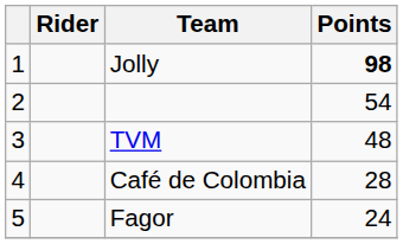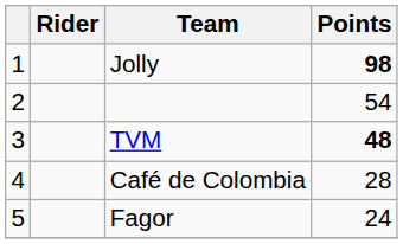 <table class="wikitable">
 <tr>
 <th></th>
 <th>Rider</th>
 <th>Team</th>
 <th>Points</th>
 </tr>
 <tr>
 <td>1</td>
 <td></td>
 <td>Jolly</td>
 <td align=right><strong>98</strong></td>
 </tr>
 <tr>
 <td>2</td>
 <td></td>
 <td></td>
 <td align=right>54</td>
 </tr>
 <tr>
 <td>3</td>
 <td></td>
 <td><a href='#'>TVM</a></td>
-<td align=right>48</td>
+<td align=right><strong>48</strong></td>
 </tr>
 <tr>
 <td>4</td>
 <td></td>
 <td>Café de Colombia</td>
 <td align=right>28</td>
 </tr>
 <tr>
 <td>5</td>
 <td></td>
 <td>Fagor</td>
 <td align=right>24</td>
 </tr>
 <tr>
 </tr>
 </table>
